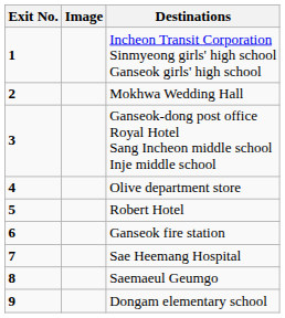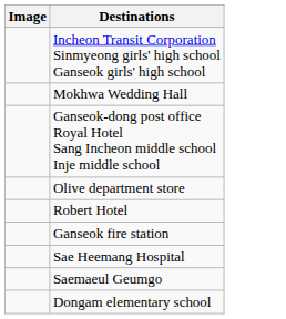 <table class="wikitable">
 <tr>
-<th>Exit No.</th>
 <th>Image</th>
 <th>Destinations</th>
 </tr>
 <tr>
-<td><div><strong>1</strong></div></td>
 <td></td>
 <td><a href='#'>Incheon Transit Corporation</a><br>Sinmyeong girls' high school<br>Ganseok girls' high school</td>
 </tr>
 <tr>
-<td><div><strong>2</strong></div></td>
 <td></td>
 <td>Mokhwa Wedding Hall</td>
 </tr>
 <tr>
-<td><div><strong>3</strong></div></td>
 <td></td>
 <td>Ganseok-dong post office<br>Royal Hotel<br>Sang Incheon middle school<br>Inje middle school</td>
 </tr>
 <tr>
-<td><div><strong>4</strong></div></td>
 <td></td>
 <td>Olive department store</td>
 </tr>
 <tr>
-<td><div><strong>5</strong></div></td>
 <td></td>
 <td>Robert Hotel</td>
 </tr>
 <tr>
-<td><div><strong>6</strong></div></td>
 <td></td>
 <td>Ganseok fire station</td>
 </tr>
 <tr>
-<td><div><strong>7</strong></div></td>
 <td></td>
 <td>Sae Heemang Hospital</td>
 </tr>
 <tr>
-<td><div><strong>8</strong></div></td>
 <td></td>
 <td>Saemaeul Geumgo</td>
 </tr>
 <tr>
-<td><div><strong>9</strong></div></td>
 <td></td>
 <td>Dongam elementary school</td>
 </tr>
 </table>
